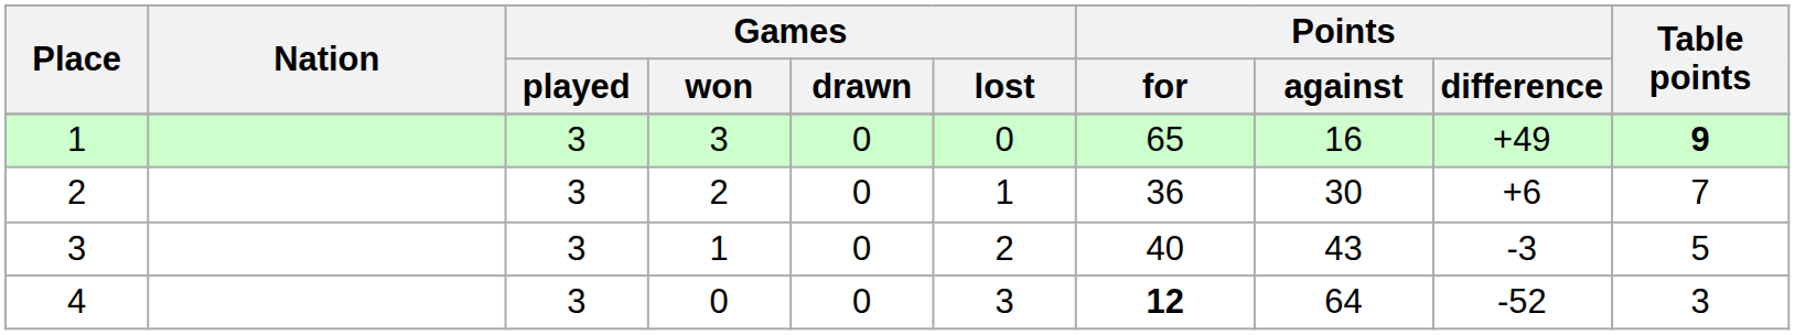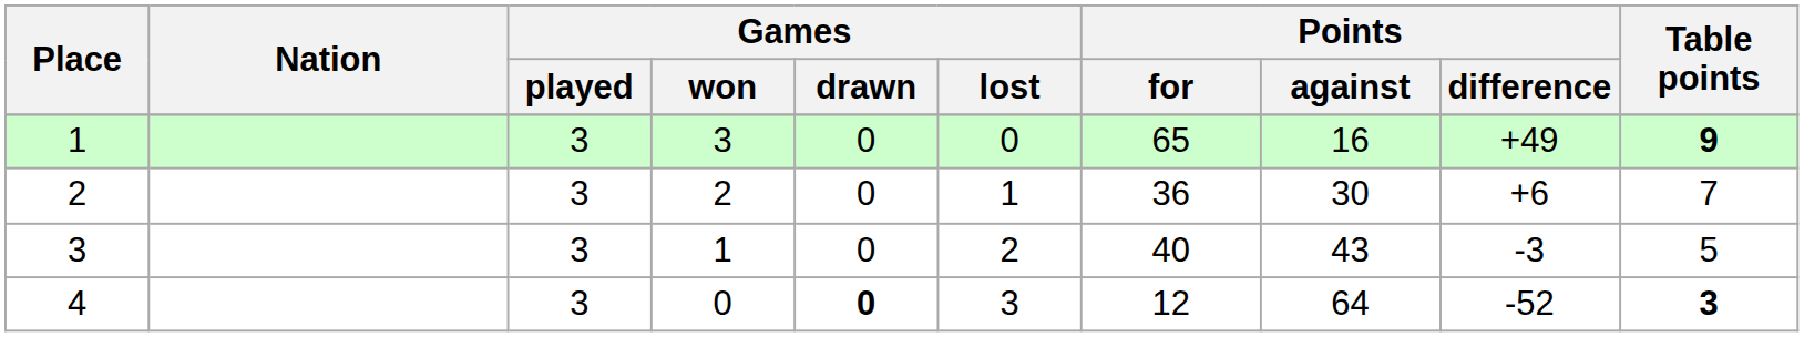 <table class="wikitable">
 <tr>
 <th rowspan=2 width="8%">Place</th>
 <th rowspan=2 width="20%">Nation</th>
 <th colspan=4 width="32%">Games</th>
 <th colspan=3 width="30%">Points</th>
 <th rowspan=2 width="10%">Table<br>points</th>
 </tr>
 <tr>
 <th width="8%">played</th>
 <th width="8%">won</th>
 <th width="8%">drawn</th>
 <th width="8%">lost</th>
 <th width="10%">for</th>
 <th width="10%">against</th>
 <th width="10%">difference</th>
 </tr>
 <tr>
 </tr>
 <tr bgcolor=#ccffcc align=center>
 <td>1</td>
 <td align=left><strong></strong></td>
 <td>3</td>
 <td>3</td>
 <td>0</td>
 <td>0</td>
 <td>65</td>
 <td>16</td>
 <td>+49</td>
 <td><strong>9</strong></td>
 </tr>
 <tr bgcolor=#ffffff align=center>
 <td>2</td>
 <td align=left></td>
 <td>3</td>
 <td>2</td>
 <td>0</td>
 <td>1</td>
 <td>36</td>
 <td>30</td>
 <td>+6</td>
 <td>7</td>
 </tr>
 <tr bgcolor=#ffffff align=center>
 <td>3</td>
 <td align=left></td>
 <td>3</td>
 <td>1</td>
 <td>0</td>
 <td>2</td>
 <td>40</td>
 <td>43</td>
 <td>-3</td>
 <td>5</td>
 </tr>
 <tr bgcolor=#ffffff align=center>
 <td>4</td>
 <td align=left></td>
 <td>3</td>
 <td>0</td>
-<td>0</td>
+<td><strong>0</strong></td>
 <td>3</td>
-<td><strong>12</strong></td>
+<td>12</td>
 <td>64</td>
 <td>-52</td>
-<td>3</td>
+<td><strong>3</strong></td>
 </tr>
 </table>
